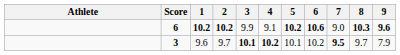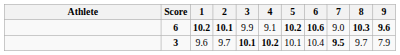 <table class="wikitable" style="text-align:center">
 <tr>
 <th width=250>Athlete</th>
 <th width=40>Score</th>
 <th width=30>1</th>
 <th width=30>2</th>
 <th width=30>3</th>
 <th width=30>4</th>
 <th width=30>5</th>
 <th width=30>6</th>
 <th width=30>7</th>
 <th width=30>8</th>
 <th width=30>9</th>
 </tr>
 <tr>
 <td align=left></td>
 <td><strong>6</strong></td>
 <td><strong>10.2</strong></td>
-<td><strong>10.2</strong></td>
+<td><strong>10.1</strong></td>
 <td>9.9</td>
 <td>9.1</td>
 <td><strong>10.2</strong></td>
 <td><strong>10.6</strong></td>
 <td>9.0</td>
 <td><strong>10.3</strong></td>
 <td><strong>9.6</strong></td>
 </tr>
 <tr>
 <td align=left></td>
 <td><strong>3</strong></td>
 <td>9.6</td>
 <td>9.7</td>
 <td><strong>10.1</strong></td>
 <td><strong>10.2</strong></td>
 <td>10.1</td>
-<td>10.2</td>
+<td>10.4</td>
 <td><strong>9.5</strong></td>
 <td>9.7</td>
 <td>7.9</td>
 </tr>
 </table>
